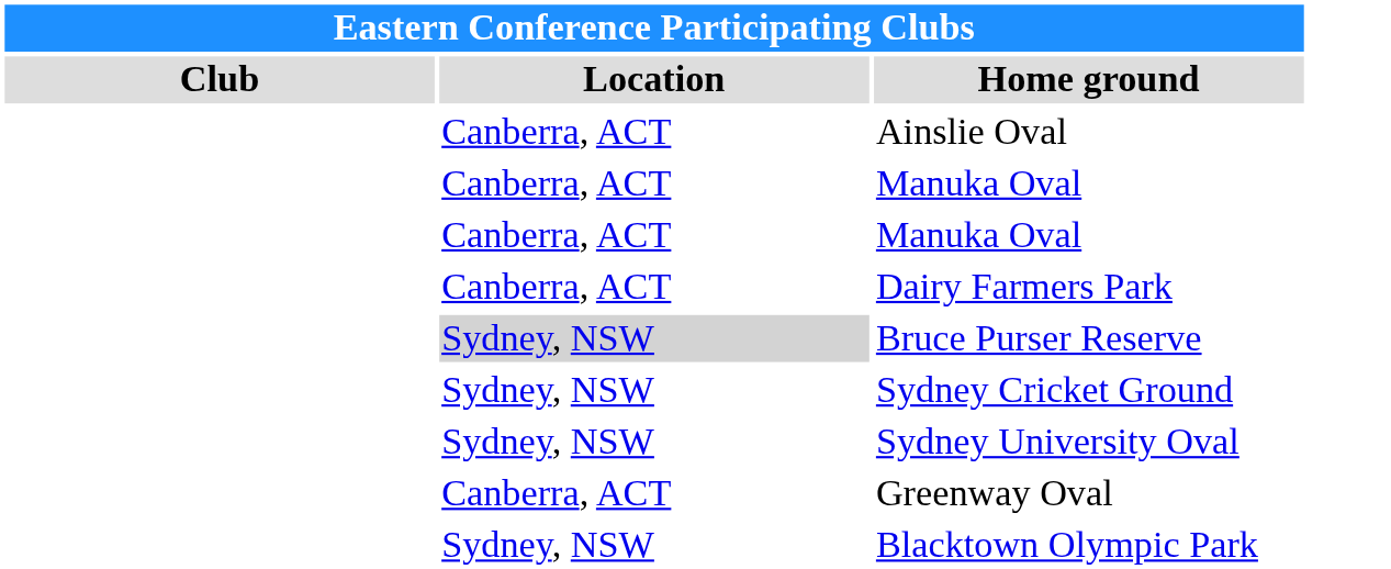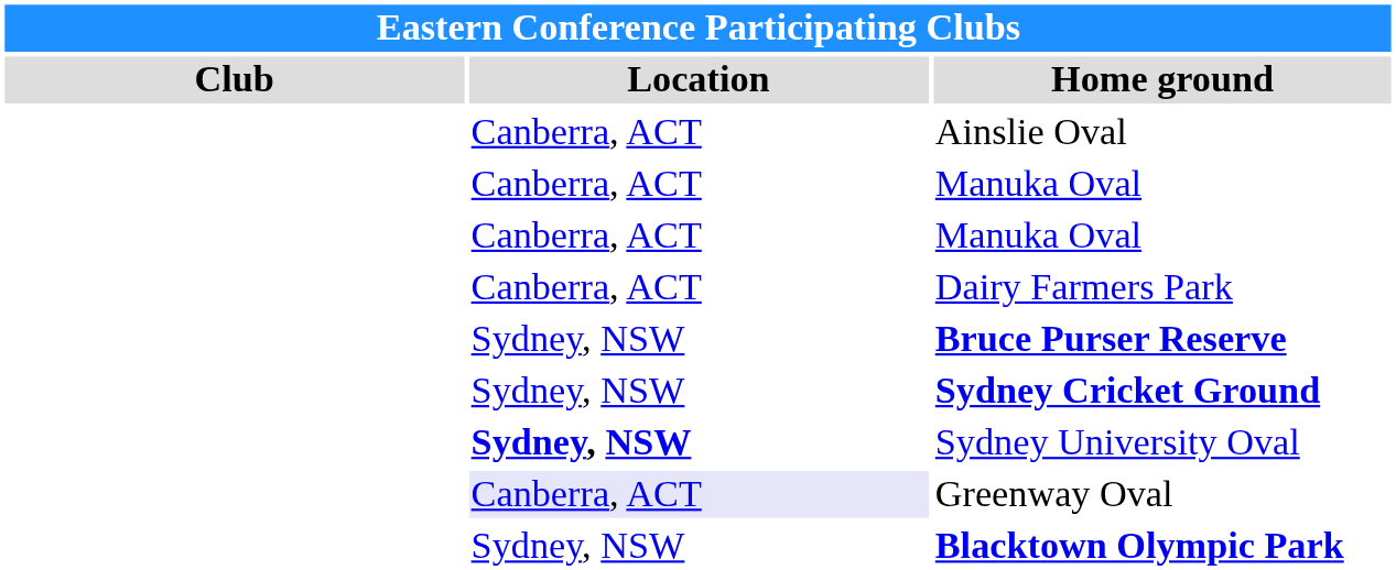 <table class=  style="width:90%; clear:both; margin:1.5em auto; text-align:center;">
 <tr>
 <th colspan=11 style="background:dodgerblue; color:white;">Eastern Conference Participating Clubs</th>
 </tr>
 <tr style="text-align:center; background:#ddd;">
 <th width=30%>Club</th>
 <th width=30%>Location</th>
 <th width=30%>Home ground</th>
 </tr>
 <tr>
 <td></td>
 <td><a href='#'>Canberra</a>, <a href='#'>ACT</a></td>
 <td>Ainslie Oval</td>
 </tr>
 <tr>
 <td></td>
 <td><a href='#'>Canberra</a>, <a href='#'>ACT</a></td>
 <td><a href='#'>Manuka Oval</a></td>
 </tr>
 <tr>
 <td></td>
 <td><a href='#'>Canberra</a>, <a href='#'>ACT</a></td>
 <td><a href='#'>Manuka Oval</a></td>
 </tr>
 <tr>
 <td></td>
 <td><a href='#'>Canberra</a>, <a href='#'>ACT</a></td>
 <td><a href='#'>Dairy Farmers Park</a></td>
 </tr>
 <tr>
 <td></td>
-<td style="background: lightgrey;"><a href='#'>Sydney</a>, <a href='#'>NSW</a></td>
-<td><a href='#'>Bruce Purser Reserve</a></td>
+<td><a href='#'>Sydney</a>, <a href='#'>NSW</a></td>
+<td><strong><a href='#'>Bruce Purser Reserve</a></strong></td>
 </tr>
 <tr>
 <td></td>
 <td><a href='#'>Sydney</a>, <a href='#'>NSW</a></td>
-<td><a href='#'>Sydney Cricket Ground</a></td>
+<td><strong><a href='#'>Sydney Cricket Ground</a></strong></td>
 </tr>
 <tr>
 <td></td>
-<td><a href='#'>Sydney</a>, <a href='#'>NSW</a></td>
+<td><strong><a href='#'>Sydney</a>, <a href='#'>NSW</a></strong></td>
 <td><a href='#'>Sydney University Oval</a></td>
 </tr>
 <tr>
 <td></td>
-<td><a href='#'>Canberra</a>, <a href='#'>ACT</a></td>
+<td style="background: lavender;"><a href='#'>Canberra</a>, <a href='#'>ACT</a></td>
 <td>Greenway Oval</td>
 </tr>
 <tr>
 <td></td>
 <td><a href='#'>Sydney</a>, <a href='#'>NSW</a></td>
-<td><a href='#'>Blacktown Olympic Park</a></td>
+<td><strong><a href='#'>Blacktown Olympic Park</a></strong></td>
 </tr>
 </table>
